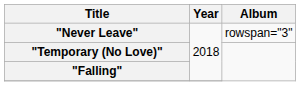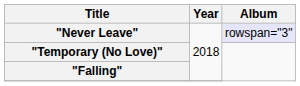 <table class="wikitable plainrowheaders" style="text-align:center;">
 <tr>
 <th style="width:15em;">Title</th>
 <th>Year</th>
 <th>Album</th>
 </tr>
 <tr>
 <th scope="row">"Never Leave"</th>
 <td rowspan="3">2018</td>
-<td>rowspan="3" </td>
+<td style="background: lavender;">rowspan="3" </td>
 </tr>
 <tr>
 <th scope="row">"Temporary (No Love)"</th>
 </tr>
 <tr>
 <th scope="row">"Falling"</th>
 </tr>
 <tr>
 </tr>
 </table>
